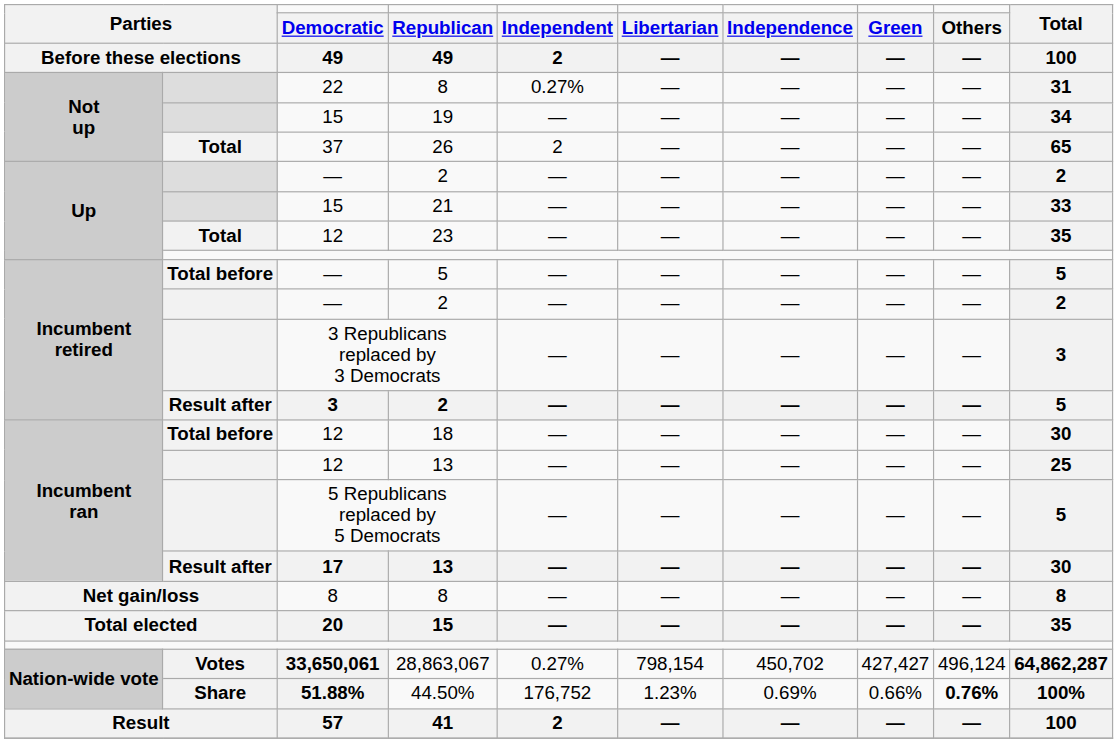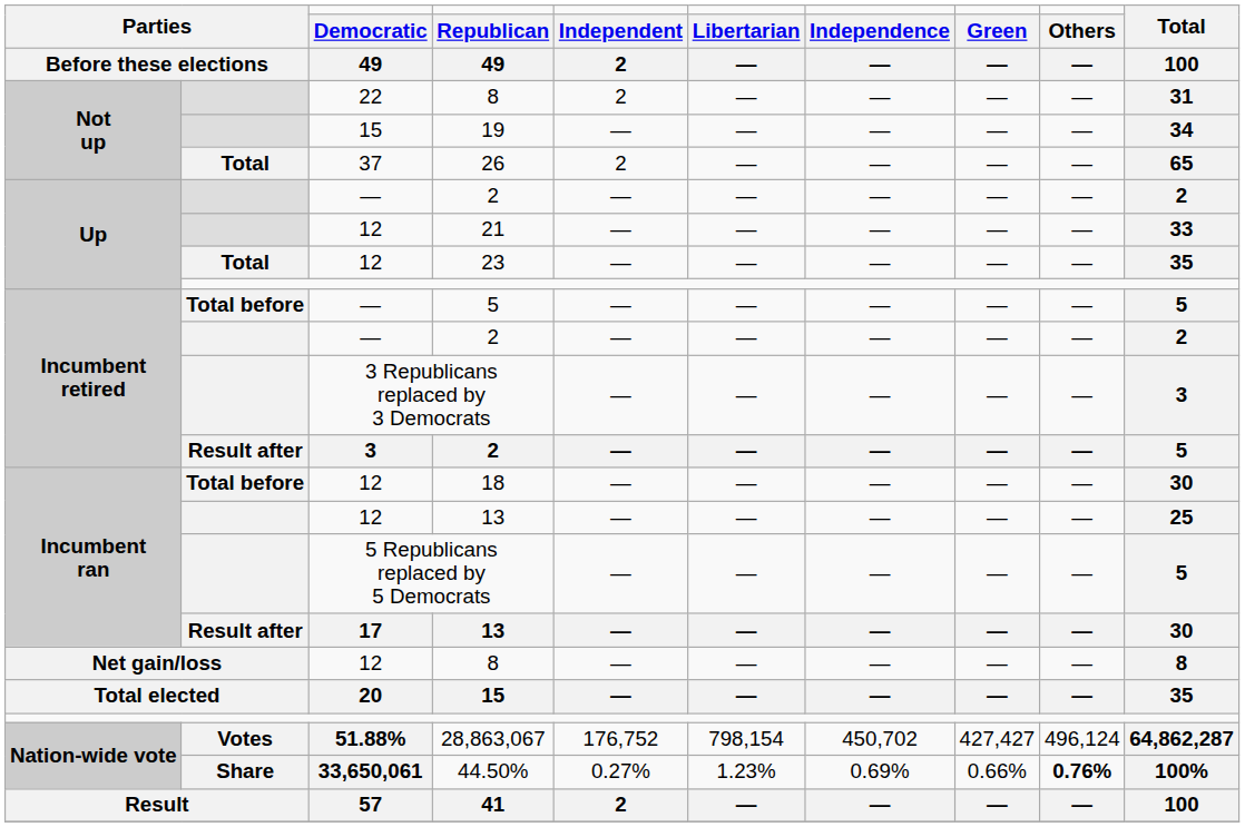 <table class=wikitable style=text-align:center>
 <tr>
 <th colspan=2 rowspan=2>Parties</th>
 <td style="background-color:"></td>
 <td style="background-color:"></td>
 <td style="background-color:"></td>
 <td style="background-color:"></td>
 <td style="background-color:"></td>
 <td style="background-color:"></td>
 <td style="background-color:"></td>
 <th rowspan=2>Total</th>
 </tr>
 <tr>
 <th><a href='#'>Democratic</a></th>
 <th><a href='#'>Republican</a></th>
 <th><a href='#'>Independent</a></th>
 <th><a href='#'>Libertarian</a></th>
 <th><a href='#'>Independence</a></th>
 <th><a href='#'>Green</a></th>
 <th>Others</th>
 </tr>
 <tr>
 <th colspan=2>Before these elections</th>
 <th>49</th>
 <th>49</th>
 <th>2</th>
 <th>—</th>
 <th>—</th>
 <th>—</th>
 <th>—</th>
 <th>100</th>
 </tr>
 <tr>
 <th rowspan=3 style="background:#cccccc">Not<br>up</th>
 <th style="background:#dddddd"></th>
 <td>22</td>
 <td>8</td>
-<td>0.27%</td>
+<td>2</td>
 <td>—</td>
 <td>—</td>
 <td>—</td>
 <td>—</td>
 <th>31</th>
 </tr>
 <tr>
 <th style="background:#dddddd"></th>
 <td>15</td>
 <td>19</td>
 <td>—</td>
 <td>—</td>
 <td>—</td>
 <td>—</td>
 <td>—</td>
 <th>34</th>
 </tr>
 <tr>
 <th>Total</th>
 <td>37</td>
 <td>26</td>
 <td>2</td>
 <td>—</td>
 <td>—</td>
 <td>—</td>
 <td>—</td>
 <th>65</th>
 </tr>
 <tr>
 <th rowspan=4 style="background:#cccccc">Up</th>
 <th style="background:#dddddd"></th>
 <td>—</td>
 <td>2</td>
 <td>—</td>
 <td>—</td>
 <td>—</td>
 <td>—</td>
 <td>—</td>
 <th>2</th>
 </tr>
 <tr>
 <th style="background:#dddddd"></th>
-<td>15</td>
+<td>12</td>
 <td>21</td>
 <td>—</td>
 <td>—</td>
 <td>—</td>
 <td>—</td>
 <td>—</td>
 <th>33</th>
 </tr>
 <tr>
 <th>Total</th>
 <td>12</td>
 <td>23</td>
 <td>—</td>
 <td>—</td>
 <td>—</td>
 <td>—</td>
 <td>—</td>
 <th>35</th>
 </tr>
 <tr>
 <td colspan=99></td>
 </tr>
 <tr>
 <th rowspan=4 style="background:#cccccc">Incumbent<br>retired</th>
 <th>Total before</th>
 <td>—</td>
 <td>5</td>
 <td>—</td>
 <td>—</td>
 <td>—</td>
 <td>—</td>
 <td>—</td>
 <th>5</th>
 </tr>
 <tr>
 <th></th>
 <td>—</td>
 <td>2</td>
 <td>—</td>
 <td>—</td>
 <td>—</td>
 <td>—</td>
 <td>—</td>
 <th>2</th>
 </tr>
 <tr>
 <th></th>
 <td colspan=2 > 3 Republicans<br>replaced by<br> 3 Democrats</td>
 <td>—</td>
 <td>—</td>
 <td>—</td>
 <td>—</td>
 <td>—</td>
 <th>3</th>
 </tr>
 <tr>
 <th>Result after</th>
 <th>3</th>
 <th>2</th>
 <th>—</th>
 <th>—</th>
 <th>—</th>
 <th>—</th>
 <th>—</th>
 <th>5</th>
 </tr>
 <tr>
 <th rowspan=4 style="background:#cccccc">Incumbent<br>ran</th>
 <th>Total before</th>
 <td>12</td>
 <td>18</td>
 <td>—</td>
 <td>—</td>
 <td>—</td>
 <td>—</td>
 <td>—</td>
 <th>30</th>
 </tr>
 <tr>
 <th></th>
 <td>12</td>
 <td>13</td>
 <td>—</td>
 <td>—</td>
 <td>—</td>
 <td>—</td>
 <td>—</td>
 <th>25</th>
 </tr>
 <tr>
 <th></th>
 <td colspan=2 > 5 Republicans<br>replaced by<br> 5 Democrats</td>
 <td>—</td>
 <td>—</td>
 <td>—</td>
 <td>—</td>
 <td>—</td>
 <th>5</th>
 </tr>
 <tr>
 <th>Result after</th>
 <th>17</th>
 <th>13</th>
 <th>—</th>
 <th>—</th>
 <th>—</th>
 <th>—</th>
 <th>—</th>
 <th>30</th>
 </tr>
 <tr>
 <th colspan=2>Net gain/loss</th>
-<td> 8</td>
+<td>12</td>
 <td> 8</td>
 <td>—</td>
 <td>—</td>
 <td>—</td>
 <td>—</td>
 <td>—</td>
 <th>8</th>
 </tr>
 <tr>
 <th colspan=2>Total elected</th>
 <th>20</th>
 <th>15</th>
 <th>—</th>
 <th>—</th>
 <th>—</th>
 <th>—</th>
 <th>—</th>
 <th>35</th>
 </tr>
 <tr>
 <td colspan=99></td>
 </tr>
 <tr>
 <th rowspan=2 style="background:#cccccc">Nation-wide vote</th>
 <th>Votes</th>
-<th>33,650,061</th>
+<th>51.88%</th>
 <td>28,863,067</td>
-<td>0.27%</td>
+<td>176,752</td>
 <td>798,154</td>
 <td>450,702</td>
 <td>427,427</td>
 <td>496,124</td>
 <th>64,862,287</th>
 </tr>
 <tr>
 <th>Share</th>
-<th>51.88%</th>
+<th>33,650,061</th>
 <td>44.50%</td>
-<td>176,752</td>
+<td>0.27%</td>
 <td>1.23%</td>
 <td>0.69%</td>
 <td>0.66%</td>
 <td><strong>0.76%</strong></td>
 <th>100%</th>
 </tr>
 <tr>
 <th colspan=2>Result</th>
 <th>57</th>
 <th>41</th>
 <th>2</th>
 <th>—</th>
 <th>—</th>
 <th>—</th>
 <th>—</th>
 <th>100</th>
 </tr>
 <tr>
 </tr>
 </table>
